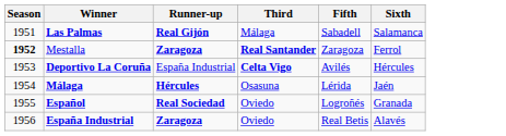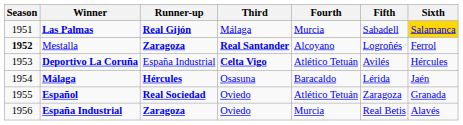 <table class="wikitable">
 <tr>
 <th>Season</th>
 <th>Winner</th>
 <th>Runner-up</th>
 <th>Third</th>
+<th>Fourth</th>
 <th>Fifth</th>
 <th>Sixth</th>
 </tr>
 <tr>
 <td align=center>1951</td>
 <td><strong><a href='#'>Las Palmas</a></strong></td>
 <td><strong><a href='#'>Real Gijón</a></strong></td>
 <td><a href='#'>Málaga</a></td>
+<td><a href='#'>Murcia</a></td>
 <td><a href='#'>Sabadell</a></td>
-<td><a href='#'>Salamanca</a></td>
+<td style="background: gold;"><a href='#'>Salamanca</a></td>
 </tr>
 <tr>
 <td align=center><strong>1952</strong></td>
 <td><a href='#'>Mestalla</a></td>
 <td><strong><a href='#'>Zaragoza</a></strong></td>
 <td><strong><a href='#'>Real Santander</a></strong></td>
-<td><a href='#'>Zaragoza</a></td>
+<td><a href='#'>Alcoyano</a></td>
+<td><a href='#'>Logroñés</a></td>
 <td><a href='#'>Ferrol</a></td>
 </tr>
 <tr>
 <td align=center>1953</td>
 <td><strong><a href='#'>Deportivo La Coruña</a></strong></td>
 <td><a href='#'>España Industrial</a></td>
 <td><strong><a href='#'>Celta Vigo</a></strong></td>
+<td><a href='#'>Atlético Tetuán</a></td>
 <td><a href='#'>Avilés</a></td>
 <td><a href='#'>Hércules</a></td>
 </tr>
 <tr>
 <td align=center>1954</td>
 <td><strong><a href='#'>Málaga</a></strong></td>
 <td><strong><a href='#'>Hércules</a></strong></td>
 <td><a href='#'>Osasuna</a></td>
+<td><a href='#'>Baracaldo</a></td>
 <td><a href='#'>Lérida</a></td>
 <td><a href='#'>Jaén</a></td>
 </tr>
 <tr>
 <td align=center>1955</td>
 <td><strong><a href='#'>Español</a></strong></td>
 <td><strong><a href='#'>Real Sociedad</a></strong></td>
 <td><a href='#'>Oviedo</a></td>
-<td><a href='#'>Logroñés</a></td>
+<td><a href='#'>Atlético Tetuán</a></td>
+<td><a href='#'>Zaragoza</a></td>
 <td><a href='#'>Granada</a></td>
 </tr>
 <tr>
 <td align=center>1956</td>
 <td><strong><a href='#'>España Industrial</a></strong></td>
 <td><strong><a href='#'>Zaragoza</a></strong></td>
 <td><a href='#'>Oviedo</a></td>
+<td><a href='#'>Murcia</a></td>
 <td><a href='#'>Real Betis</a></td>
 <td><a href='#'>Alavés</a></td>
 </tr>
 </table>
